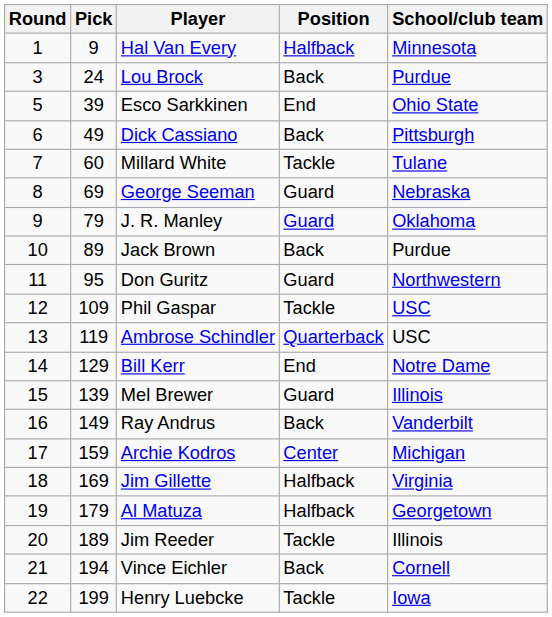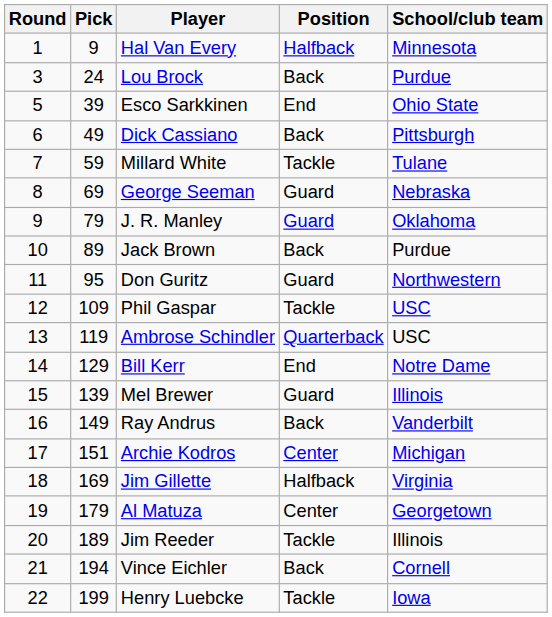 <table class="wikitable sortable sortable">
 <tr>
 <th>Round</th>
 <th>Pick</th>
 <th>Player</th>
 <th>Position</th>
 <th>School/club team</th>
 </tr>
 <tr>
 <td style="text-align: center;">1</td>
 <td style="text-align: center;">9</td>
 <td><a href='#'>Hal Van Every</a></td>
 <td><a href='#'>Halfback</a></td>
 <td><a href='#'>Minnesota</a></td>
 </tr>
 <tr>
 <td style="text-align: center;">3</td>
 <td style="text-align: center;">24</td>
 <td><a href='#'>Lou Brock</a></td>
 <td>Back</td>
 <td><a href='#'>Purdue</a></td>
 </tr>
 <tr>
 <td style="text-align: center;">5</td>
 <td style="text-align: center;">39</td>
 <td>Esco Sarkkinen</td>
 <td>End</td>
 <td><a href='#'>Ohio State</a></td>
 </tr>
 <tr>
 <td style="text-align: center;">6</td>
 <td style="text-align: center;">49</td>
 <td><a href='#'>Dick Cassiano</a></td>
 <td>Back</td>
 <td><a href='#'>Pittsburgh</a></td>
 </tr>
 <tr>
 <td style="text-align: center;">7</td>
-<td style="text-align: center;">60</td>
+<td style="text-align: center;">59</td>
 <td>Millard White</td>
 <td>Tackle</td>
 <td><a href='#'>Tulane</a></td>
 </tr>
 <tr>
 <td style="text-align: center;">8</td>
 <td style="text-align: center;">69</td>
 <td><a href='#'>George Seeman</a></td>
 <td>Guard</td>
 <td><a href='#'>Nebraska</a></td>
 </tr>
 <tr>
 <td style="text-align: center;">9</td>
 <td style="text-align: center;">79</td>
 <td>J. R. Manley</td>
 <td><a href='#'>Guard</a></td>
 <td><a href='#'>Oklahoma</a></td>
 </tr>
 <tr>
 <td style="text-align: center;">10</td>
 <td style="text-align: center;">89</td>
 <td>Jack Brown</td>
 <td>Back</td>
 <td>Purdue</td>
 </tr>
 <tr>
 <td style="text-align: center;">11</td>
 <td style="text-align: center;">95</td>
 <td>Don Guritz</td>
 <td>Guard</td>
 <td><a href='#'>Northwestern</a></td>
 </tr>
 <tr>
 <td style="text-align: center;">12</td>
 <td style="text-align: center;">109</td>
 <td>Phil Gaspar</td>
 <td>Tackle</td>
 <td><a href='#'>USC</a></td>
 </tr>
 <tr>
 <td style="text-align: center;">13</td>
 <td style="text-align: center;">119</td>
 <td><a href='#'>Ambrose Schindler</a></td>
 <td><a href='#'>Quarterback</a></td>
 <td>USC</td>
 </tr>
 <tr>
 <td style="text-align: center;">14</td>
 <td style="text-align: center;">129</td>
 <td><a href='#'>Bill Kerr</a></td>
 <td>End</td>
 <td><a href='#'>Notre Dame</a></td>
 </tr>
 <tr>
 <td style="text-align: center;">15</td>
 <td style="text-align: center;">139</td>
 <td>Mel Brewer</td>
 <td>Guard</td>
 <td><a href='#'>Illinois</a></td>
 </tr>
 <tr>
 <td style="text-align: center;">16</td>
 <td style="text-align: center;">149</td>
 <td>Ray Andrus</td>
 <td>Back</td>
 <td><a href='#'>Vanderbilt</a></td>
 </tr>
 <tr>
 <td style="text-align: center;">17</td>
-<td style="text-align: center;">159</td>
+<td style="text-align: center;">151</td>
 <td><a href='#'>Archie Kodros</a></td>
 <td><a href='#'>Center</a></td>
 <td><a href='#'>Michigan</a></td>
 </tr>
 <tr>
 <td style="text-align: center;">18</td>
 <td style="text-align: center;">169</td>
 <td><a href='#'>Jim Gillette</a></td>
 <td>Halfback</td>
 <td><a href='#'>Virginia</a></td>
 </tr>
 <tr>
 <td style="text-align: center;">19</td>
 <td style="text-align: center;">179</td>
 <td><a href='#'>Al Matuza</a></td>
-<td>Halfback</td>
+<td>Center</td>
 <td><a href='#'>Georgetown</a></td>
 </tr>
 <tr>
 <td style="text-align: center;">20</td>
 <td style="text-align: center;">189</td>
 <td>Jim Reeder</td>
 <td>Tackle</td>
 <td>Illinois</td>
 </tr>
 <tr>
 <td style="text-align: center;">21</td>
 <td style="text-align: center;">194</td>
 <td>Vince Eichler</td>
 <td>Back</td>
 <td><a href='#'>Cornell</a></td>
 </tr>
 <tr>
 <td style="text-align: center;">22</td>
 <td style="text-align: center;">199</td>
 <td>Henry Luebcke</td>
 <td>Tackle</td>
 <td><a href='#'>Iowa</a></td>
 </tr>
 </table>
